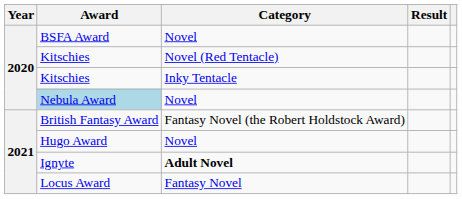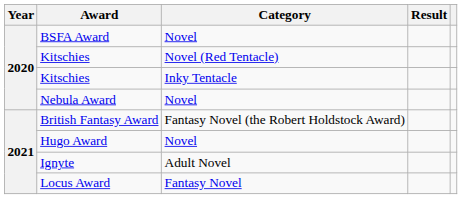 <table class="wikitable plainrowheaders sortable">
 <tr>
 <th scope="col">Year</th>
 <th scope="col">Award</th>
 <th>Category</th>
 <th scope="col">Result</th>
 <th scope="col" class="unsortable"></th>
 </tr>
 <tr>
 <th rowspan="4">2020</th>
 <td><a href='#'>BSFA Award</a></td>
 <td><a href='#'>Novel</a></td>
 <td></td>
 <td></td>
 </tr>
 <tr>
 <td><a href='#'>Kitschies</a></td>
 <td><a href='#'>Novel (Red Tentacle)</a></td>
 <td></td>
 <td></td>
 </tr>
 <tr>
 <td><a href='#'>Kitschies</a></td>
 <td><a href='#'>Inky Tentacle</a></td>
 <td></td>
 <td></td>
 </tr>
 <tr>
-<td style="background: lightblue;"><a href='#'>Nebula Award</a></td>
+<td><a href='#'>Nebula Award</a></td>
 <td><a href='#'>Novel</a></td>
 <td></td>
 <td></td>
 </tr>
 <tr>
 <th rowspan="4">2021</th>
 <td><a href='#'>British Fantasy Award</a></td>
 <td>Fantasy Novel (the Robert Holdstock Award)</td>
 <td></td>
 <td></td>
 </tr>
 <tr>
 <td><a href='#'>Hugo Award</a></td>
 <td><a href='#'>Novel</a></td>
 <td></td>
 <td></td>
 </tr>
 <tr>
 <td><a href='#'>Ignyte</a></td>
-<td><strong>Adult Novel</strong></td>
+<td>Adult Novel</td>
 <td></td>
 <td></td>
 </tr>
 <tr>
 <td><a href='#'>Locus Award</a></td>
 <td><a href='#'>Fantasy Novel</a></td>
 <td></td>
 <td></td>
 </tr>
 </table>
